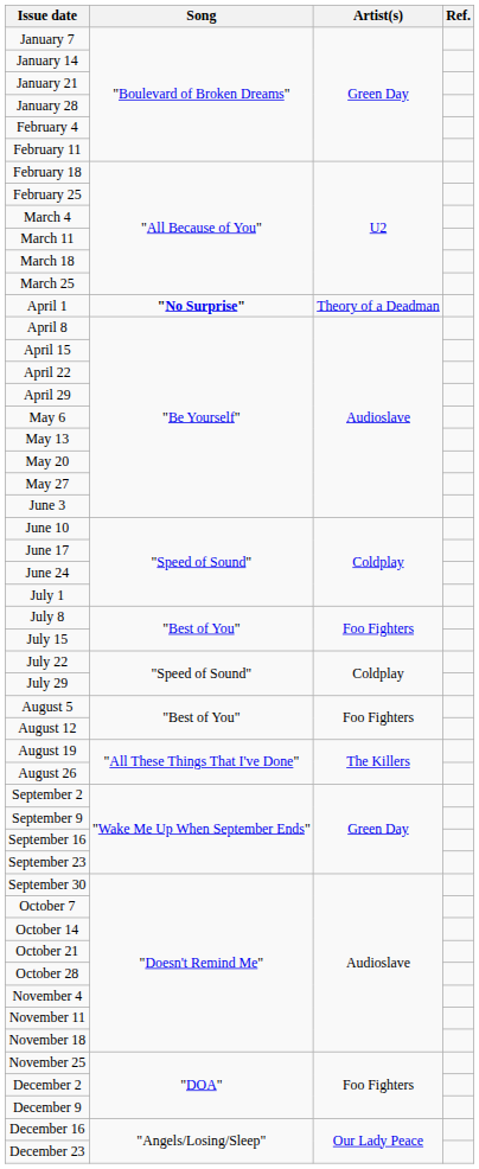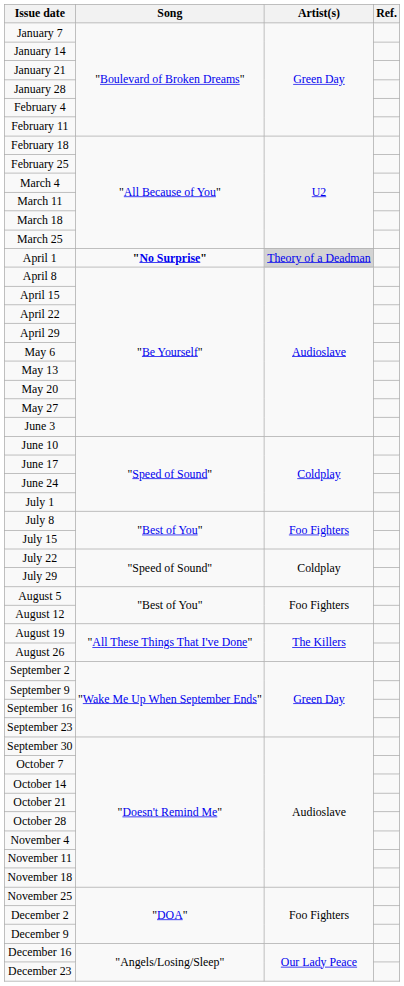 <table class="wikitable">
 <tr>
 <th align="center">Issue date</th>
 <th align="center">Song</th>
 <th align="center">Artist(s)</th>
 <th align="center">Ref.</th>
 </tr>
 <tr>
 <td align="center">January 7</td>
 <td align="center" rowspan="6">"<a href='#'>Boulevard of Broken Dreams</a>"</td>
 <td align="center" rowspan="6"><a href='#'>Green Day</a></td>
 <td></td>
 </tr>
 <tr>
 <td align="center">January 14</td>
 <td></td>
 </tr>
 <tr>
 <td align="center">January 21</td>
 <td></td>
 </tr>
 <tr>
 <td align="center">January 28</td>
 <td></td>
 </tr>
 <tr>
 <td align="center">February 4</td>
 <td></td>
 </tr>
 <tr>
 <td align="center">February 11</td>
 <td></td>
 </tr>
 <tr>
 <td align="center">February 18</td>
 <td align="center" rowspan="6">"<a href='#'>All Because of You</a>"</td>
 <td align="center" rowspan="6"><a href='#'>U2</a></td>
 <td></td>
 </tr>
 <tr>
 <td align="center">February 25</td>
 <td></td>
 </tr>
 <tr>
 <td align="center">March 4</td>
 <td></td>
 </tr>
 <tr>
 <td align="center">March 11</td>
 <td></td>
 </tr>
 <tr>
 <td align="center">March 18</td>
 <td></td>
 </tr>
 <tr>
 <td align="center">March 25</td>
 <td></td>
 </tr>
 <tr>
 <td align="center">April 1</td>
 <td align="center" rowspan="1"><strong>"<a href='#'>No Surprise</a>"</strong></td>
-<td align="center" rowspan="1"><a href='#'>Theory of a Deadman</a></td>
+<td align="center" rowspan="1" style="background: lightgrey;"><a href='#'>Theory of a Deadman</a></td>
 <td></td>
 </tr>
 <tr>
 <td align="center">April 8</td>
 <td align="center" rowspan="9">"<a href='#'>Be Yourself</a>"</td>
 <td align="center" rowspan="9"><a href='#'>Audioslave</a></td>
 <td></td>
 </tr>
 <tr>
 <td align="center">April 15</td>
 <td></td>
 </tr>
 <tr>
 <td align="center">April 22</td>
 <td></td>
 </tr>
 <tr>
 <td align="center">April 29</td>
 <td></td>
 </tr>
 <tr>
 <td align="center">May 6</td>
 <td></td>
 </tr>
 <tr>
 <td align="center">May 13</td>
 <td></td>
 </tr>
 <tr>
 <td align="center">May 20</td>
 <td></td>
 </tr>
 <tr>
 <td align="center">May 27</td>
 <td></td>
 </tr>
 <tr>
 <td align="center">June 3</td>
 <td></td>
 </tr>
 <tr>
 <td align="center">June 10</td>
 <td align="center" rowspan="4">"<a href='#'>Speed of Sound</a>"</td>
 <td align="center" rowspan="4"><a href='#'>Coldplay</a></td>
 <td></td>
 </tr>
 <tr>
 <td align="center">June 17</td>
 <td></td>
 </tr>
 <tr>
 <td align="center">June 24</td>
 <td></td>
 </tr>
 <tr>
 <td align="center">July 1</td>
 <td></td>
 </tr>
 <tr>
 <td align="center">July 8</td>
 <td align="center" rowspan="2">"<a href='#'>Best of You</a>"</td>
 <td align="center" rowspan="2"><a href='#'>Foo Fighters</a></td>
 <td></td>
 </tr>
 <tr>
 <td align="center">July 15</td>
 <td></td>
 </tr>
 <tr>
 <td align="center">July 22</td>
 <td align="center" rowspan="2">"Speed of Sound"</td>
 <td align="center" rowspan="2">Coldplay</td>
 <td></td>
 </tr>
 <tr>
 <td align="center">July 29</td>
 <td></td>
 </tr>
 <tr>
 <td align="center">August 5</td>
 <td align="center" rowspan="2">"Best of You"</td>
 <td align="center" rowspan="2">Foo Fighters</td>
 <td></td>
 </tr>
 <tr>
 <td align="center">August 12</td>
 <td></td>
 </tr>
 <tr>
 <td align="center">August 19</td>
 <td align="center" rowspan="2">"<a href='#'>All These Things That I've Done</a>"</td>
 <td align="center" rowspan="2"><a href='#'>The Killers</a></td>
 <td></td>
 </tr>
 <tr>
 <td align="center">August 26</td>
 <td></td>
 </tr>
 <tr>
 <td align="center">September 2</td>
 <td align="center" rowspan="4">"<a href='#'>Wake Me Up When September Ends</a>"</td>
 <td align="center" rowspan="4"><a href='#'>Green Day</a></td>
 <td></td>
 </tr>
 <tr>
 <td align="center">September 9</td>
 <td></td>
 </tr>
 <tr>
 <td align="center">September 16</td>
 <td></td>
 </tr>
 <tr>
 <td align="center">September 23</td>
 <td></td>
 </tr>
 <tr>
 <td align="center">September 30</td>
 <td align="center" rowspan="8">"<a href='#'>Doesn't Remind Me</a>"</td>
 <td align="center" rowspan="8">Audioslave</td>
 <td></td>
 </tr>
 <tr>
 <td align="center">October 7</td>
 <td></td>
 </tr>
 <tr>
 <td align="center">October 14</td>
 <td></td>
 </tr>
 <tr>
 <td align="center">October 21</td>
 <td></td>
 </tr>
 <tr>
 <td align="center">October 28</td>
 <td></td>
 </tr>
 <tr>
 <td align="center">November 4</td>
 <td></td>
 </tr>
 <tr>
 <td align="center">November 11</td>
 <td></td>
 </tr>
 <tr>
 <td align="center">November 18</td>
 <td></td>
 </tr>
 <tr>
 <td align="center">November 25</td>
 <td align="center" rowspan="3">"<a href='#'>DOA</a>"</td>
 <td align="center" rowspan="3">Foo Fighters</td>
 <td></td>
 </tr>
 <tr>
 <td align="center">December 2</td>
 <td></td>
 </tr>
 <tr>
 <td align="center">December 9</td>
 <td></td>
 </tr>
 <tr>
 <td align="center">December 16</td>
 <td align="center" rowspan="2">"Angels/Losing/Sleep"</td>
 <td align="center" rowspan="2"><a href='#'>Our Lady Peace</a></td>
 <td></td>
 </tr>
 <tr>
 <td align="center">December 23</td>
 <td></td>
 </tr>
 </table>
